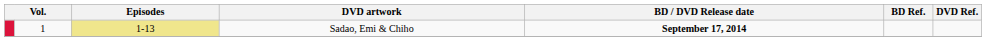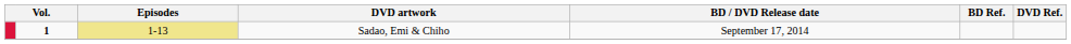 <table class="wikitable" style="text-align: center; width: 98%;">
 <tr>
 <th colspan="2">Vol.</th>
 <th>Episodes</th>
 <th>DVD artwork</th>
 <th>BD / DVD Release date</th>
 <th width="5%">BD Ref.</th>
 <th width="5%">DVD Ref.</th>
 </tr>
 <tr>
 <td width="1%" style="background: Crimson;"></td>
-<td>1</td>
+<td><strong>1</strong></td>
 <td style="background: khaki;">1-13</td>
 <td>Sadao, Emi & Chiho</td>
-<td><strong>September 17, 2014</strong></td>
+<td>September 17, 2014</td>
 <td></td>
 <td></td>
 </tr>
 <tr>
 </tr>
 </table>
